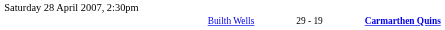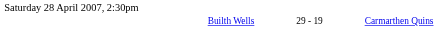 <table style="width:70%;" cellspacing="1">
 <tr>
 <th width=35%></th>
 <th width=15%></th>
 <th></th>
 </tr>
 <tr>
 <td>Saturday 28 April 2007, 2:30pm</td>
 </tr>
 <tr style=font-size:90%>
 <td align=right><a href='#'>Builth Wells</a></td>
 <td align=center>29 - 19</td>
-<td><strong><a href='#'>Carmarthen Quins</a></strong></td>
+<td><a href='#'>Carmarthen Quins</a></td>
 </tr>
 </table>
